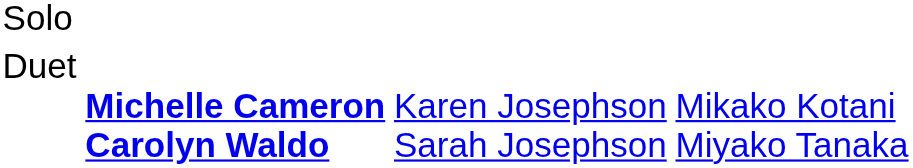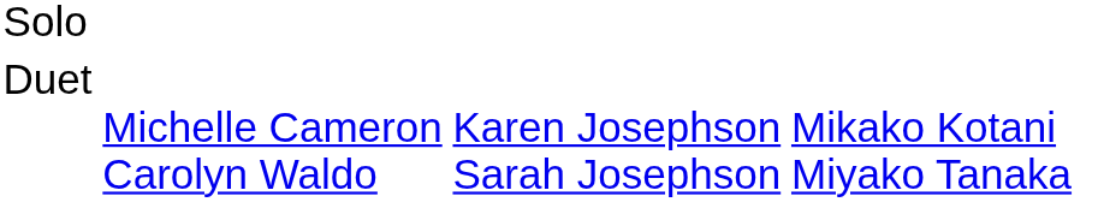 <table>
 <tr>
 <td>Solo<br></td>
 <td></td>
 <td></td>
 <td></td>
 </tr>
 <tr valign="top">
 <td>Duet<br></td>
-<td><strong><br><a href='#'>Michelle Cameron</a><br><a href='#'>Carolyn Waldo</a></strong></td>
+<td><br><a href='#'>Michelle Cameron</a><br><a href='#'>Carolyn Waldo</a></td>
 <td><br><a href='#'>Karen Josephson</a><br><a href='#'>Sarah Josephson</a></td>
 <td><br><a href='#'>Mikako Kotani</a><br><a href='#'>Miyako Tanaka</a></td>
 </tr>
 </table>
